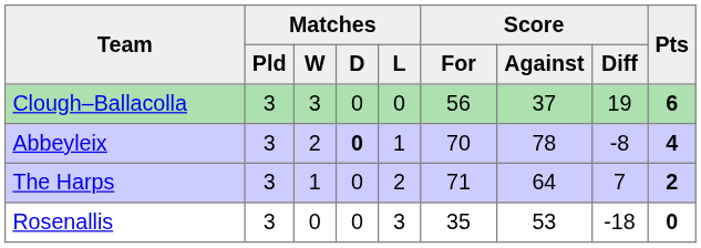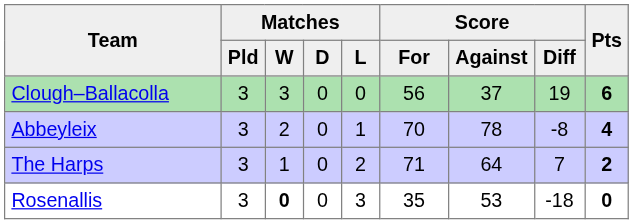 <table style=border-collapse:collapse border=1 cellspacing=0 cellpadding=5>
 <tr align=center bgcolor=#efefef>
 <th rowspan=2 width=165>Team</th>
 <th colspan=4>Matches</th>
 <th colspan=3>Score</th>
 <th rowspan=2width=20>Pts</th>
 </tr>
 <tr align=center bgcolor=#efefef>
 <th width=20>Pld</th>
 <th width=20>W</th>
 <th width=20>D</th>
 <th width=20>L</th>
 <th width=45>For</th>
 <th width=45>Against</th>
 <th width=30>Diff</th>
 </tr>
 <tr align=center style="background:#ACE1AF;">
 <td style="text-align:left;"><a href='#'>Clough–Ballacolla</a></td>
 <td>3</td>
 <td>3</td>
 <td>0</td>
 <td>0</td>
 <td>56</td>
 <td>37</td>
 <td>19</td>
 <td><strong>6</strong></td>
 </tr>
 <tr align=center style="background:#ccccff;">
 <td style="text-align:left;"><a href='#'>Abbeyleix</a></td>
 <td>3</td>
 <td>2</td>
-<td><strong>0</strong></td>
+<td>0</td>
 <td>1</td>
 <td>70</td>
 <td>78</td>
 <td>-8</td>
 <td><strong>4</strong></td>
 </tr>
 <tr align=center style="background:#ccccff;">
 <td style="text-align:left;"><a href='#'>The Harps</a></td>
 <td>3</td>
 <td>1</td>
 <td>0</td>
 <td>2</td>
 <td>71</td>
 <td>64</td>
 <td>7</td>
 <td><strong>2</strong></td>
 </tr>
 <tr align=center>
 <td style="text-align:left;"><a href='#'>Rosenallis</a></td>
 <td>3</td>
-<td>0</td>
+<td><strong>0</strong></td>
 <td>0</td>
 <td>3</td>
 <td>35</td>
 <td>53</td>
 <td>-18</td>
 <td><strong>0</strong></td>
 </tr>
 </table>
